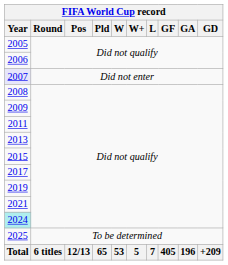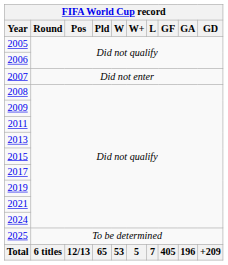 <table class="wikitable" style="text-align: center;">
 <tr>
 <th colspan="10"><a href='#'>FIFA World Cup</a> record</th>
 </tr>
 <tr>
 <th>Year</th>
 <th>Round</th>
 <th>Pos</th>
 <th>Pld</th>
 <th>W</th>
 <th>W+</th>
 <th>L</th>
 <th>GF</th>
 <th>GA</th>
 <th>GD</th>
 </tr>
 <tr>
 <td> <a href='#'>2005</a></td>
 <td colspan="9" rowspan="2"><em>Did not qualify</em></td>
 </tr>
 <tr>
 <td> <a href='#'>2006</a></td>
 </tr>
 <tr>
-<td style="background: lavender;"> <a href='#'>2007</a></td>
+<td> <a href='#'>2007</a></td>
 <td colspan="9"><em>Did not enter</em></td>
 </tr>
 <tr>
 <td> <a href='#'>2008</a></td>
 <td colspan="9" rowspan="9"><em>Did not qualify</em></td>
 </tr>
 <tr>
 <td> <a href='#'>2009</a></td>
 </tr>
 <tr>
 <td> <a href='#'>2011</a></td>
 </tr>
 <tr>
 <td> <a href='#'>2013</a></td>
 </tr>
 <tr>
 <td> <a href='#'>2015</a></td>
 </tr>
 <tr>
 <td> <a href='#'>2017</a></td>
 </tr>
 <tr>
 <td> <a href='#'>2019</a></td>
 </tr>
 <tr>
 <td> <a href='#'>2021</a></td>
 </tr>
 <tr>
-<td style="background: paleturquoise;"> <a href='#'>2024</a></td>
+<td> <a href='#'>2024</a></td>
 </tr>
 <tr>
 <td> <a href='#'>2025</a></td>
 <td colspan="9"><em>To be determined</em></td>
 </tr>
 <tr>
 <th>Total</th>
 <th>6 titles</th>
 <th>12/13</th>
 <th>65</th>
 <th>53</th>
 <th>5</th>
 <th>7</th>
 <th>405</th>
 <th>196</th>
 <th>+209</th>
 </tr>
 </table>
